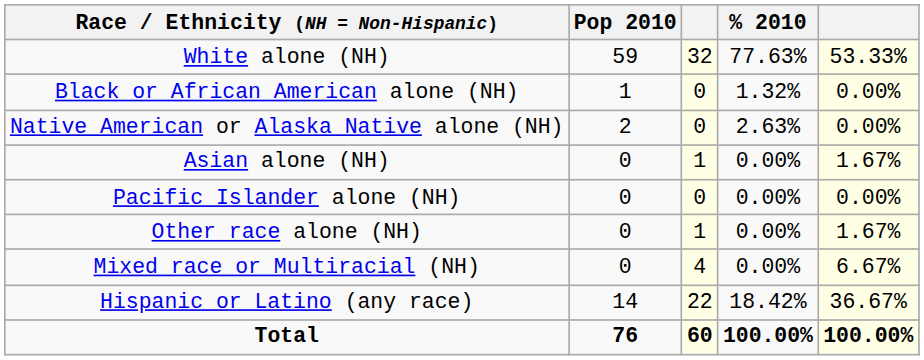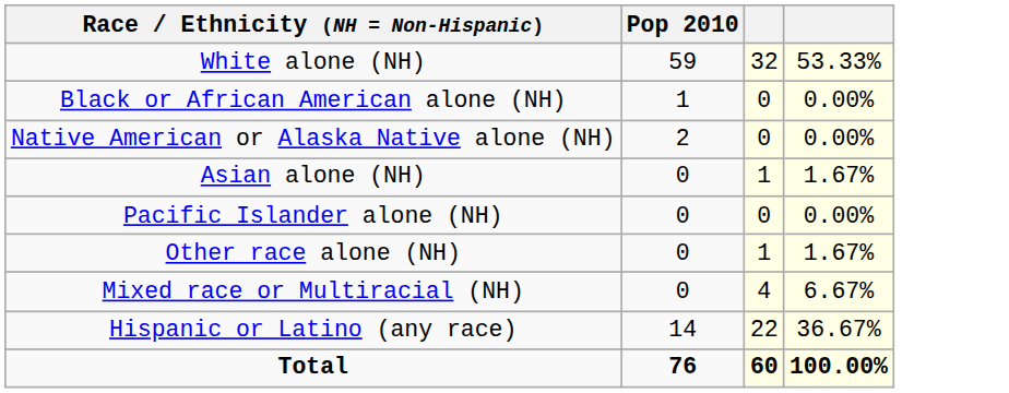 <table class="wikitable" style="text-align:center;">
 <tr>
 <th>Race / Ethnicity <small>(<em>NH = Non-Hispanic</em>)</small></th>
 <th>Pop 2010</th>
 <th></th>
-<th>% 2010</th>
 <th></th>
 </tr>
 <tr>
 <td><a href='#'>White</a> alone (NH)</td>
 <td>59</td>
 <td style='background: #ffffe6;'>32</td>
-<td>77.63%</td>
 <td style='background: #ffffe6;'>53.33%</td>
 </tr>
 <tr>
 <td><a href='#'>Black or African American</a> alone (NH)</td>
 <td>1</td>
 <td style='background: #ffffe6;'>0</td>
-<td>1.32%</td>
 <td style='background: #ffffe6;'>0.00%</td>
 </tr>
 <tr>
 <td><a href='#'>Native American</a> or <a href='#'>Alaska Native</a> alone (NH)</td>
 <td>2</td>
 <td style='background: #ffffe6;'>0</td>
-<td>2.63%</td>
 <td style='background: #ffffe6;'>0.00%</td>
 </tr>
 <tr>
 <td><a href='#'>Asian</a> alone (NH)</td>
 <td>0</td>
 <td style='background: #ffffe6;'>1</td>
-<td>0.00%</td>
 <td style='background: #ffffe6;'>1.67%</td>
 </tr>
 <tr>
 <td><a href='#'>Pacific Islander</a> alone (NH)</td>
 <td>0</td>
 <td style='background: #ffffe6;'>0</td>
-<td>0.00%</td>
 <td style='background: #ffffe6;'>0.00%</td>
 </tr>
 <tr>
 <td><a href='#'>Other race</a> alone (NH)</td>
 <td>0</td>
 <td style='background: #ffffe6;'>1</td>
-<td>0.00%</td>
 <td style='background: #ffffe6;'>1.67%</td>
 </tr>
 <tr>
 <td><a href='#'>Mixed race or Multiracial</a> (NH)</td>
 <td>0</td>
 <td style='background: #ffffe6;'>4</td>
-<td>0.00%</td>
 <td style='background: #ffffe6;'>6.67%</td>
 </tr>
 <tr>
 <td><a href='#'>Hispanic or Latino</a> (any race)</td>
 <td>14</td>
 <td style='background: #ffffe6;'>22</td>
-<td>18.42%</td>
 <td style='background: #ffffe6;'>36.67%</td>
 </tr>
 <tr>
 <td><strong>Total</strong></td>
 <td><strong>76</strong></td>
 <td style='background: #ffffe6;'><strong>60</strong></td>
-<td><strong>100.00%</strong></td>
 <td style='background: #ffffe6;'><strong>100.00%</strong></td>
 </tr>
 </table>
